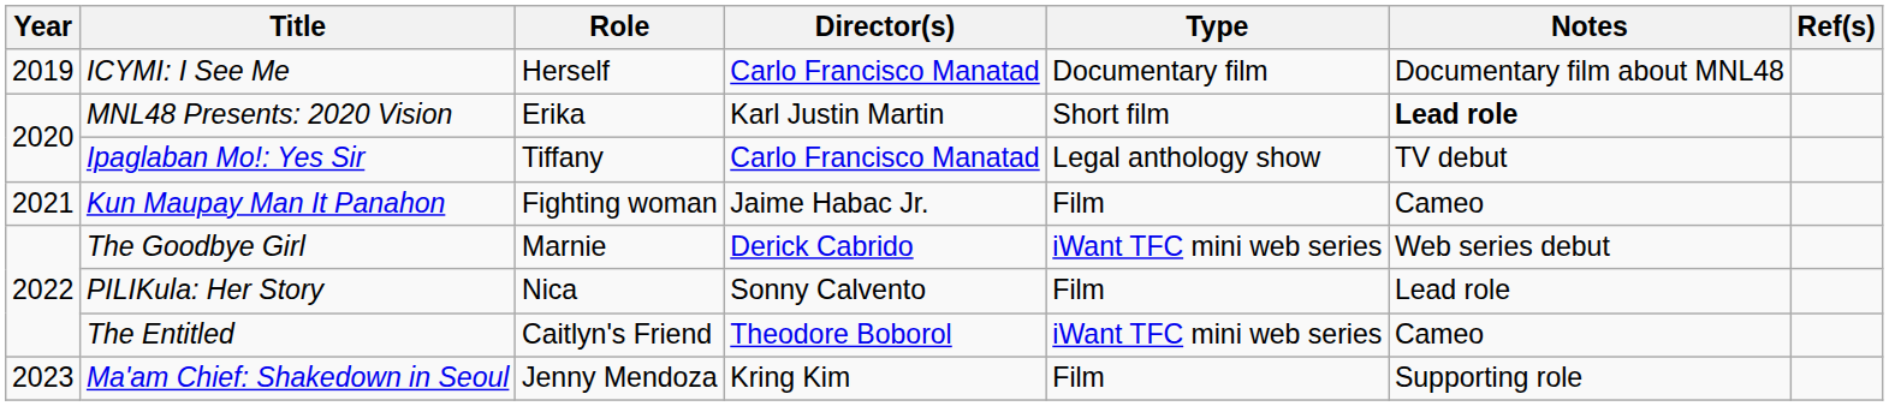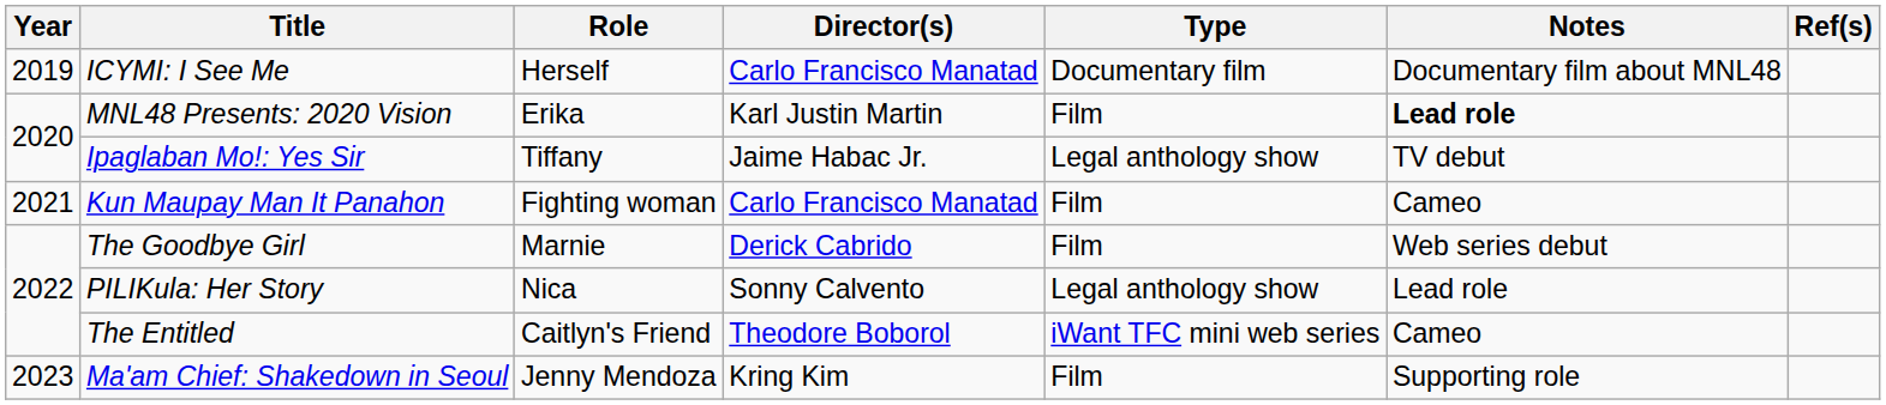 <table class="wikitable" style="text-align:left; ">
 <tr style="vertical-align:top;">
 <th>Year</th>
 <th>Title</th>
 <th>Role</th>
 <th>Director(s)</th>
 <th>Type</th>
 <th>Notes</th>
 <th>Ref(s)</th>
 </tr>
 <tr>
 <td>2019</td>
 <td><em>ICYMI: I See Me</em></td>
 <td>Herself</td>
 <td><a href='#'>Carlo Francisco Manatad</a></td>
 <td>Documentary film</td>
 <td>Documentary film about MNL48</td>
 <td></td>
 </tr>
 <tr>
 <td rowspan="2">2020</td>
 <td><em>MNL48 Presents: 2020 Vision</em></td>
 <td>Erika</td>
 <td>Karl Justin Martin</td>
-<td>Short film</td>
+<td>Film</td>
 <td><strong>Lead role</strong></td>
 <td></td>
 </tr>
 <tr>
 <td><em><a href='#'>Ipaglaban Mo!: Yes Sir</a></em></td>
 <td>Tiffany</td>
-<td><a href='#'>Carlo Francisco Manatad</a></td>
+<td>Jaime Habac Jr.</td>
 <td>Legal anthology show</td>
 <td>TV debut</td>
 <td></td>
 </tr>
 <tr>
 <td>2021</td>
 <td><em><a href='#'>Kun Maupay Man It Panahon</a></em></td>
 <td>Fighting woman</td>
-<td>Jaime Habac Jr.</td>
+<td><a href='#'>Carlo Francisco Manatad</a></td>
 <td>Film</td>
 <td>Cameo</td>
 <td></td>
 </tr>
 <tr>
 <td rowspan="3">2022</td>
 <td><em>The Goodbye Girl</em></td>
 <td>Marnie</td>
 <td><a href='#'>Derick Cabrido</a></td>
-<td><a href='#'>iWant TFC</a> mini web series</td>
+<td>Film</td>
 <td>Web series debut</td>
 <td></td>
 </tr>
 <tr>
 <td><em>PILIKula: Her Story</em></td>
 <td>Nica</td>
 <td>Sonny Calvento</td>
-<td>Film</td>
+<td>Legal anthology show</td>
 <td>Lead role</td>
 <td></td>
 </tr>
 <tr>
 <td><em>The Entitled</em></td>
 <td>Caitlyn's Friend</td>
 <td><a href='#'>Theodore Boborol</a></td>
 <td><a href='#'>iWant TFC</a> mini web series</td>
 <td>Cameo</td>
 <td></td>
 </tr>
 <tr>
 <td>2023</td>
 <td><em><a href='#'>Ma'am Chief: Shakedown in Seoul</a></td>
 <td>Jenny Mendoza</td>
 <td>Kring Kim</td>
 <td>Film</td>
 <td>Supporting role</td>
 <td></td>
 </tr>
 </table>
